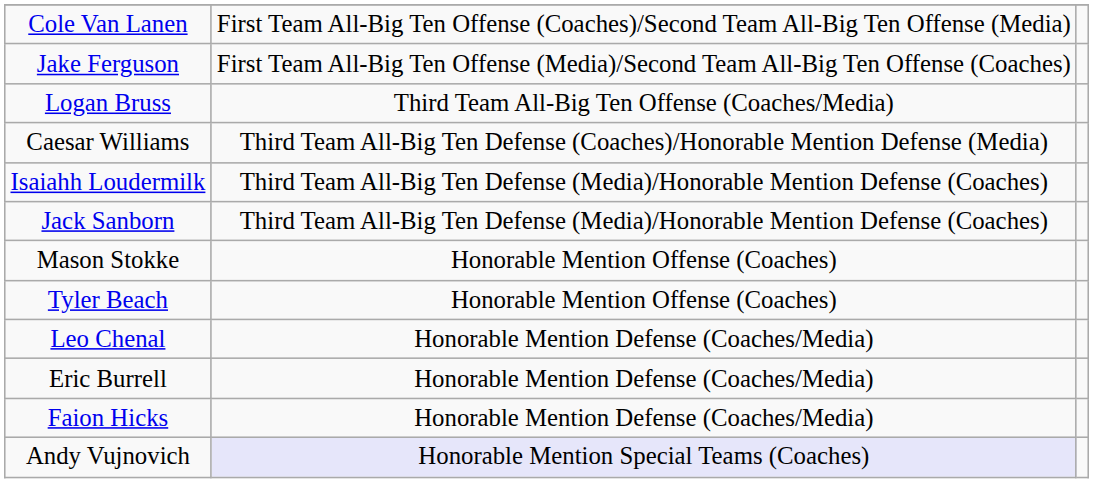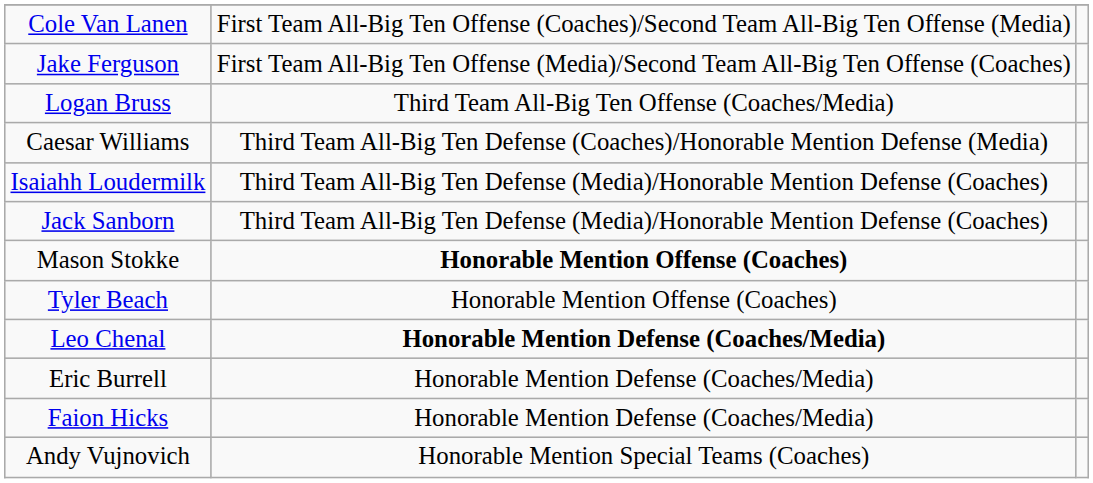 <table class="wikitable sortable sortable" style="text-align: center">
 <tr align=center>
 </tr>
 <tr>
 <td><a href='#'>Cole Van Lanen</a></td>
 <td>First Team All-Big Ten Offense (Coaches)/Second Team All-Big Ten Offense (Media)</td>
 <td></td>
 </tr>
 <tr>
 <td><a href='#'>Jake Ferguson</a></td>
 <td>First Team All-Big Ten Offense (Media)/Second Team All-Big Ten Offense (Coaches)</td>
 <td></td>
 </tr>
 <tr>
 <td><a href='#'>Logan Bruss</a></td>
 <td>Third Team All-Big Ten Offense (Coaches/Media)</td>
 <td></td>
 </tr>
 <tr>
 <td>Caesar Williams</td>
 <td>Third Team All-Big Ten Defense (Coaches)/Honorable Mention Defense (Media)</td>
 <td></td>
 </tr>
 <tr>
 <td><a href='#'>Isaiahh Loudermilk</a></td>
 <td>Third Team All-Big Ten Defense (Media)/Honorable Mention Defense (Coaches)</td>
 <td></td>
 </tr>
 <tr>
 <td><a href='#'>Jack Sanborn</a></td>
 <td>Third Team All-Big Ten Defense (Media)/Honorable Mention Defense (Coaches)</td>
 <td></td>
 </tr>
 <tr>
 <td>Mason Stokke</td>
-<td>Honorable Mention Offense (Coaches)</td>
+<td><strong>Honorable Mention Offense (Coaches)</strong></td>
 <td></td>
 </tr>
 <tr>
 <td><a href='#'>Tyler Beach</a></td>
 <td>Honorable Mention Offense (Coaches)</td>
 <td></td>
 </tr>
 <tr>
 <td><a href='#'>Leo Chenal</a></td>
-<td>Honorable Mention Defense (Coaches/Media)</td>
+<td><strong>Honorable Mention Defense (Coaches/Media)</strong></td>
 <td></td>
 </tr>
 <tr>
 <td>Eric Burrell</td>
 <td>Honorable Mention Defense (Coaches/Media)</td>
 <td></td>
 </tr>
 <tr>
 <td><a href='#'>Faion Hicks</a></td>
 <td>Honorable Mention Defense (Coaches/Media)</td>
 <td></td>
 </tr>
 <tr>
 <td>Andy Vujnovich</td>
-<td style="background: lavender;">Honorable Mention Special Teams (Coaches)</td>
+<td>Honorable Mention Special Teams (Coaches)</td>
 <td></td>
 </tr>
 </table>
